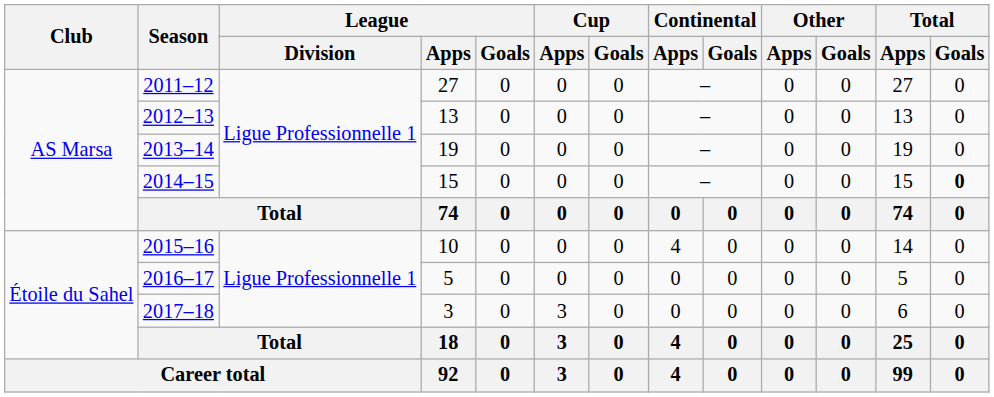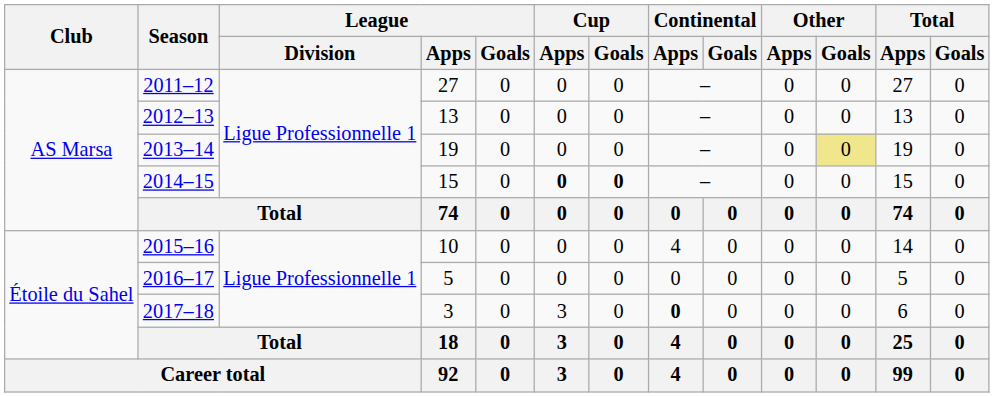 <table class="wikitable" style="text-align: center">
 <tr>
 <th rowspan="2">Club</th>
 <th rowspan="2">Season</th>
 <th colspan="3">League</th>
 <th colspan="2">Cup</th>
 <th colspan="2">Continental</th>
 <th colspan="2">Other</th>
 <th colspan="2">Total</th>
 </tr>
 <tr>
 <th>Division</th>
 <th>Apps</th>
 <th>Goals</th>
 <th>Apps</th>
 <th>Goals</th>
 <th>Apps</th>
 <th>Goals</th>
 <th>Apps</th>
 <th>Goals</th>
 <th>Apps</th>
 <th>Goals</th>
 </tr>
 <tr>
 <td rowspan="5"><a href='#'>AS Marsa</a></td>
 <td><a href='#'>2011–12</a></td>
 <td rowspan="4"><a href='#'>Ligue Professionnelle 1</a></td>
 <td>27</td>
 <td>0</td>
 <td>0</td>
 <td>0</td>
 <td colspan="2">–</td>
 <td>0</td>
 <td>0</td>
 <td>27</td>
 <td>0</td>
 </tr>
 <tr>
 <td><a href='#'>2012–13</a></td>
 <td>13</td>
 <td>0</td>
 <td>0</td>
 <td>0</td>
 <td colspan="2">–</td>
 <td>0</td>
 <td>0</td>
 <td>13</td>
 <td>0</td>
 </tr>
 <tr>
 <td><a href='#'>2013–14</a></td>
 <td>19</td>
 <td>0</td>
 <td>0</td>
 <td>0</td>
 <td colspan="2">–</td>
 <td>0</td>
-<td>0</td>
+<td style="background: khaki;">0</td>
 <td>19</td>
 <td>0</td>
 </tr>
 <tr>
 <td><a href='#'>2014–15</a></td>
 <td>15</td>
 <td>0</td>
-<td>0</td>
-<td>0</td>
+<td><strong>0</strong></td>
+<td><strong>0</strong></td>
 <td colspan="2">–</td>
 <td>0</td>
 <td>0</td>
 <td>15</td>
-<td><strong>0</strong></td>
+<td>0</td>
 </tr>
 <tr>
 <th colspan=2>Total</th>
 <th>74</th>
 <th>0</th>
 <th>0</th>
 <th>0</th>
 <th>0</th>
 <th>0</th>
 <th>0</th>
 <th>0</th>
 <th>74</th>
 <th>0</th>
 </tr>
 <tr>
 <td rowspan="4"><a href='#'>Étoile du Sahel</a></td>
 <td><a href='#'>2015–16</a></td>
 <td rowspan="3"><a href='#'>Ligue Professionnelle 1</a></td>
 <td>10</td>
 <td>0</td>
 <td>0</td>
 <td>0</td>
 <td>4</td>
 <td>0</td>
 <td>0</td>
 <td>0</td>
 <td>14</td>
 <td>0</td>
 </tr>
 <tr>
 <td><a href='#'>2016–17</a></td>
 <td>5</td>
 <td>0</td>
 <td>0</td>
 <td>0</td>
 <td>0</td>
 <td>0</td>
 <td>0</td>
 <td>0</td>
 <td>5</td>
 <td>0</td>
 </tr>
 <tr>
 <td><a href='#'>2017–18</a></td>
 <td>3</td>
 <td>0</td>
 <td>3</td>
 <td>0</td>
-<td>0</td>
+<td><strong>0</strong></td>
 <td>0</td>
 <td>0</td>
 <td>0</td>
 <td>6</td>
 <td>0</td>
 </tr>
 <tr>
 <th colspan=2>Total</th>
 <th>18</th>
 <th>0</th>
 <th>3</th>
 <th>0</th>
 <th>4</th>
 <th>0</th>
 <th>0</th>
 <th>0</th>
 <th>25</th>
 <th>0</th>
 </tr>
 <tr>
 <th colspan=3>Career total</th>
 <th>92</th>
 <th>0</th>
 <th>3</th>
 <th>0</th>
 <th>4</th>
 <th>0</th>
 <th>0</th>
 <th>0</th>
 <th>99</th>
 <th>0</th>
 </tr>
 </table>
